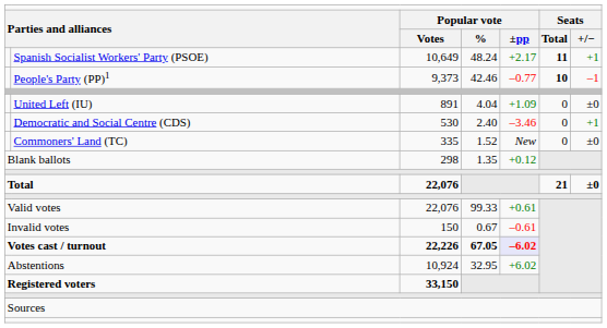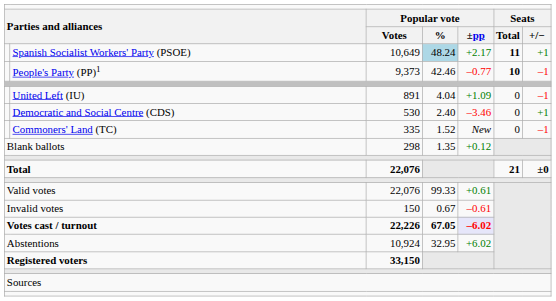 <table class="wikitable" style="text-align:right;">
 <tr>
 <td colspan="7"></td>
 </tr>
 <tr>
 <th style="text-align:left;" rowspan="2" colspan="2" width="525">Parties and alliances</th>
 <th colspan="3">Popular vote</th>
 <th colspan="2">Seats</th>
 </tr>
 <tr>
 <th width="75">Votes</th>
 <th width="45">%</th>
 <th width="45">±<a href='#'>pp</a></th>
 <th width="35">Total</th>
 <th width="35">+/−</th>
 </tr>
 <tr>
 <td width="1" style="color:inherit;background:"></td>
 <td align="left"><a href='#'>Spanish Socialist Workers' Party</a> (PSOE)</td>
 <td>10,649</td>
-<td>48.24</td>
+<td style="background: lightblue;">48.24</td>
 <td style="color:green;">+2.17</td>
 <td><strong>11</strong></td>
 <td style="color:green;">+1</td>
 </tr>
 <tr>
 <td style="color:inherit;background:"></td>
 <td align="left"><a href='#'>People's Party</a> (PP)<sup>1</sup></td>
 <td>9,373</td>
 <td>42.46</td>
 <td style="color:red;">–0.77</td>
 <td><strong>10</strong></td>
 <td style="color:red;">–1</td>
 </tr>
 <tr>
 <td colspan="7" bgcolor="#C0C0C0"></td>
 </tr>
 <tr>
 <td style="color:inherit;background:"></td>
 <td align="left"><a href='#'>United Left</a> (IU)</td>
 <td>891</td>
 <td>4.04</td>
 <td style="color:green;">+1.09</td>
 <td>0</td>
-<td>±0</td>
+<td style="color:red;">–1</td>
 </tr>
 <tr>
 <td style="color:inherit;background:"></td>
 <td align="left"><a href='#'>Democratic and Social Centre</a> (CDS)</td>
 <td>530</td>
 <td>2.40</td>
 <td style="color:red;">–3.46</td>
 <td>0</td>
 <td style="color:green;">+1</td>
 </tr>
 <tr>
 <td style="color:inherit;background:"></td>
 <td align="left"><a href='#'>Commoners' Land</a> (TC)</td>
 <td>335</td>
 <td>1.52</td>
 <td><em>New</em></td>
 <td>0</td>
-<td>±0</td>
+<td style="color:red;">–1</td>
 </tr>
 <tr>
 <td align="left" colspan="2">Blank ballots</td>
 <td>298</td>
 <td>1.35</td>
 <td style="color:green;">+0.12</td>
 <td bgcolor="#E9E9E9" colspan="2"></td>
 </tr>
 <tr>
 <td colspan="7" bgcolor="#E9E9E9"></td>
 </tr>
 <tr style="font-weight:bold;">
 <td align="left" colspan="2">Total</td>
 <td>22,076</td>
 <td bgcolor="#E9E9E9" colspan="2"></td>
 <td>21</td>
 <td>±0</td>
 </tr>
 <tr>
 <td colspan="7" bgcolor="#E9E9E9"></td>
 </tr>
 <tr>
 <td align="left" colspan="2">Valid votes</td>
 <td>22,076</td>
 <td>99.33</td>
 <td style="color:green;">+0.61</td>
 <td bgcolor="#E9E9E9" colspan="2" rowspan="5"></td>
 </tr>
 <tr>
 <td align="left" colspan="2">Invalid votes</td>
 <td>150</td>
 <td>0.67</td>
 <td style="color:red;">–0.61</td>
 </tr>
 <tr style="font-weight:bold;">
 <td align="left" colspan="2">Votes cast / turnout</td>
 <td>22,226</td>
 <td>67.05</td>
 <td style="background: lavender; color:red;">–6.02</td>
 </tr>
 <tr>
 <td align="left" colspan="2">Abstentions</td>
 <td>10,924</td>
 <td>32.95</td>
 <td style="color:green;">+6.02</td>
 </tr>
 <tr style="font-weight:bold;">
 <td align="left" colspan="2">Registered voters</td>
 <td>33,150</td>
 <td bgcolor="#E9E9E9" colspan="2"></td>
 </tr>
 <tr>
 <td colspan="7" bgcolor="#E9E9E9"></td>
 </tr>
 <tr>
 <td align="left" colspan="7">Sources</td>
 </tr>
 <tr>
 <td colspan="7" style="text-align:left; max-width:790px;"></td>
 </tr>
 </table>
